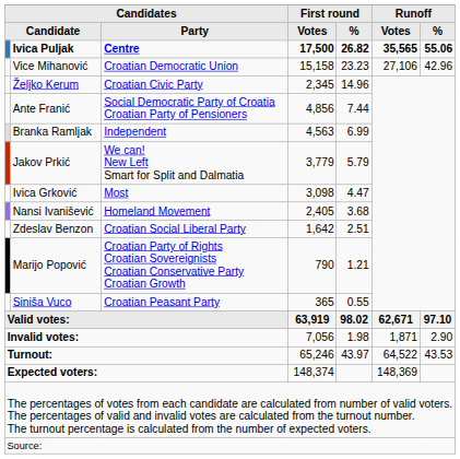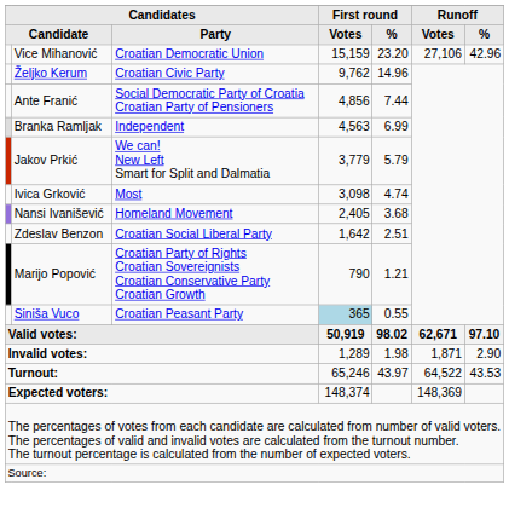 <table class="wikitable" border="1">
 <tr>
 </tr>
 <tr style="background-color:#C9C9C9">
 <th style="background-color:#E9E9E9" align= center colspan="3">Candidates</th>
 <th style="background-color:#E9E9E9" align= center colspan="2">First round</th>
 <th style="background-color:#E9E9E9" align= center colspan="2">Runoff</th>
 </tr>
 <tr>
 <th style="background-color:#E9E9E9" align= center colspan="2">Candidate</th>
 <th style="background-color:#E9E9E9" align= center>Party</th>
 <th style="background-color:#E9E9E9" align= center>Votes</th>
 <th style="background-color:#E9E9E9" align= center>%</th>
 <th style="background-color:#E9E9E9" align= center>Votes</th>
 <th style="background-color:#E9E9E9" align= center>%</th>
 </tr>
 <tr>
-<td style="color:inherit;background:#2D7AB0"></td>
-<td align="left"><strong>Ivica Puljak</strong></td>
-<td align="left"><strong><a href='#'>Centre</a></strong></td>
-<td align="right"><strong>17,500</strong></td>
-<td align="right"><strong>26.82</strong></td>
-<td align="right"><strong>35,565</strong></td>
-<td align="right"><strong>55.06</strong></td>
-</tr>
-<tr>
 <td></td>
 <td align="left">Vice Mihanović</td>
 <td align="left"><a href='#'>Croatian Democratic Union</a></td>
-<td align="right">15,158</td>
-<td align="right">23.23</td>
+<td align="right">15,159</td>
+<td align="right">23.20</td>
 <td align="right">27,106</td>
 <td align="right">42.96</td>
 </tr>
 <tr>
 <td></td>
 <td align="left"><a href='#'>Željko Kerum</a></td>
 <td align="left"><a href='#'>Croatian Civic Party</a></td>
-<td align="right">2,345</td>
+<td align="right">9,762</td>
 <td align="right">14.96</td>
 </tr>
 <tr>
 <td></td>
 <td align="left">Ante Franić</td>
 <td align="left"><a href='#'>Social Democratic Party of Croatia</a> <br> <a href='#'>Croatian Party of Pensioners</a></td>
 <td align="right">4,856</td>
 <td align="right">7.44</td>
 </tr>
 <tr>
 <td style="color:inherit;background:#DDDDDD"></td>
 <td>Branka Ramljak</td>
 <td><a href='#'>Independent</a></td>
 <td align="right">4,563</td>
 <td align="right">6.99</td>
 </tr>
 <tr>
 <td bgcolor="#C9E265;"></td>
 <td align="left">Jakov Prkić</td>
 <td align="left"><a href='#'>We can!</a><br><a href='#'>New Left</a><br>Smart for Split and Dalmatia</td>
 <td align="right">3,779</td>
 <td align="right">5.79</td>
 </tr>
 <tr>
 <td></td>
 <td align="left">Ivica Grković</td>
 <td align="left"><a href='#'>Most</a></td>
 <td align="right">3,098</td>
-<td align="right">4.47</td>
+<td align="right">4.74</td>
 </tr>
 <tr>
 <td style="color:inherit;background:#9370db"></td>
 <td align="left">Nansi Ivanišević</td>
 <td align="left"><a href='#'>Homeland Movement</a></td>
 <td align="right">2,405</td>
 <td align="right">3.68</td>
 </tr>
 <tr>
 <td></td>
 <td align="left">Zdeslav Benzon</td>
 <td align="left"><a href='#'>Croatian Social Liberal Party</a></td>
 <td align="right">1,642</td>
 <td align="right">2.51</td>
 </tr>
 <tr>
 <td bgcolor="black"></td>
 <td align="left">Marijo Popović</td>
 <td align="left"><a href='#'>Croatian Party of Rights</a><br><a href='#'>Croatian Sovereignists</a><br><a href='#'>Croatian Conservative Party</a><br><a href='#'>Croatian Growth</a></td>
 <td align="right">790</td>
 <td align="right">1.21</td>
 </tr>
 <tr>
 <td></td>
 <td><a href='#'>Siniša Vuco</a></td>
 <td><a href='#'>Croatian Peasant Party</a></td>
-<td align="right">365</td>
+<td align="right" style="background: lightblue;">365</td>
 <td align="right">0.55</td>
 </tr>
 <tr style="background-color:#E9E9E9">
 <td colspan="3" align="left"><strong>Valid votes:</strong></td>
-<th align="right">63,919</th>
+<th align="right">50,919</th>
 <th align="right">98.02</th>
 <th align="right">62,671</th>
 <th align="right">97.10</th>
 </tr>
 <tr>
 <td colspan="3" align="left"><strong>Invalid votes:</strong></td>
-<td align="right">7,056</td>
+<td align="right">1,289</td>
 <td align="right">1.98</td>
 <td align="right">1,871</td>
 <td align="right">2.90</td>
 </tr>
 <tr>
 <td colspan="3" align="left"><strong>Turnout:</strong></td>
 <td align="right">65,246</td>
 <td align="right">43.97</td>
 <td align="right">64,522</td>
 <td align="right">43.53</td>
 </tr>
 <tr>
 <td colspan="3" align="left"><strong>Expected voters:</strong></td>
 <td align="right">148,374</td>
 <td align="right"></td>
 <td align="right">148,369</td>
 <td align="right"></td>
 </tr>
 <tr>
 <td colspan="7" align="left"><br>The percentages of votes from each candidate are calculated from number of valid voters.<br> The percentages of valid and invalid votes are calculated from the turnout number.<br> The turnout percentage is calculated from the number of expected voters.</td>
 </tr>
 <tr>
 <td colspan="7" align="left" style="font-size: 90%">Source:</td>
 </tr>
 </table>
